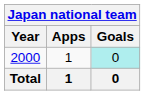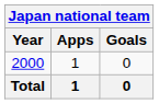 <table class="wikitable" style="text-align:center">
 <tr>
 <th colspan=3><a href='#'>Japan national team</a></th>
 </tr>
 <tr>
 <th>Year</th>
 <th>Apps</th>
 <th>Goals</th>
 </tr>
 <tr>
 <td><a href='#'>2000</a></td>
 <td>1</td>
-<td style="background: paleturquoise;">0</td>
+<td>0</td>
 </tr>
 <tr>
 <th>Total</th>
 <th>1</th>
 <th>0</th>
 </tr>
 </table>
